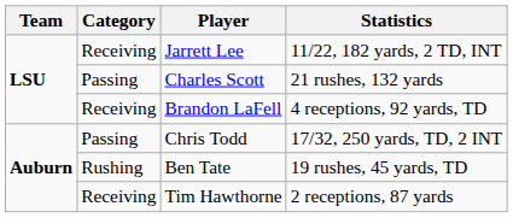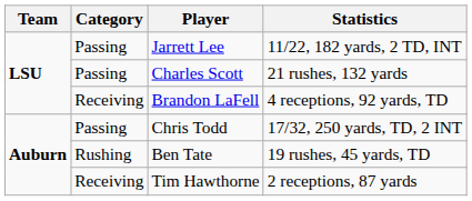 <table class="wikitable" style="float: left;">
 <tr>
 <th>Team</th>
 <th>Category</th>
 <th>Player</th>
 <th>Statistics</th>
 </tr>
 <tr>
 <td rowspan=3><strong>LSU</strong></td>
-<td>Receiving</td>
+<td>Passing</td>
 <td><a href='#'>Jarrett Lee</a></td>
 <td>11/22, 182 yards, 2 TD, INT</td>
 </tr>
 <tr>
 <td>Passing</td>
 <td><a href='#'>Charles Scott</a></td>
 <td>21 rushes, 132 yards</td>
 </tr>
 <tr>
 <td>Receiving</td>
 <td><a href='#'>Brandon LaFell</a></td>
 <td>4 receptions, 92 yards, TD</td>
 </tr>
 <tr>
 <td rowspan=3><strong>Auburn</strong></td>
 <td>Passing</td>
 <td>Chris Todd</td>
 <td>17/32, 250 yards, TD, 2 INT</td>
 </tr>
 <tr>
 <td>Rushing</td>
 <td>Ben Tate</td>
 <td>19 rushes, 45 yards, TD</td>
 </tr>
 <tr>
 <td>Receiving</td>
 <td>Tim Hawthorne</td>
 <td>2 receptions, 87 yards</td>
 </tr>
 </table>
